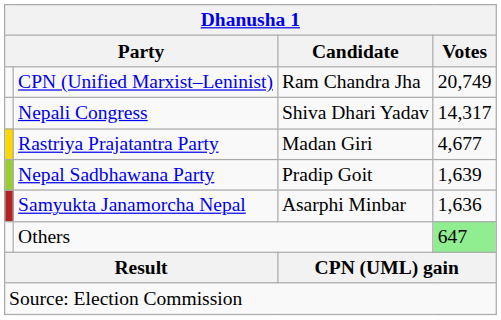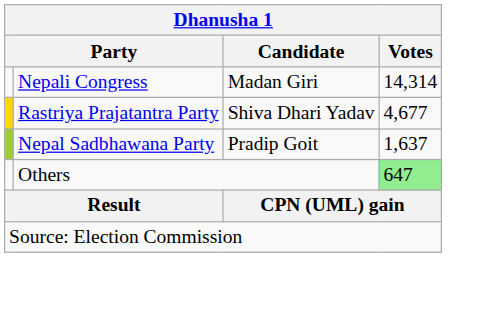 <table class="wikitable">
 <tr>
 <th colspan="4"><a href='#'>Dhanusha 1</a></th>
 </tr>
 <tr>
 <th colspan="2">Party</th>
 <th>Candidate</th>
 <th>Votes</th>
 </tr>
 <tr>
 <td style="background-color:"></td>
-<td><a href='#'>CPN (Unified Marxist–Leninist)</a></td>
-<td>Ram Chandra Jha</td>
-<td>20,749</td>
-</tr>
-<tr>
-<td style="background-color:"></td>
 <td><a href='#'>Nepali Congress</a></td>
-<td>Shiva Dhari Yadav</td>
-<td>14,317</td>
+<td>Madan Giri</td>
+<td>14,314</td>
 </tr>
 <tr>
 <td style="background-color:gold"></td>
 <td><a href='#'>Rastriya Prajatantra Party</a></td>
-<td>Madan Giri</td>
+<td>Shiva Dhari Yadav</td>
 <td>4,677</td>
 </tr>
 <tr>
 <td style="background-color:yellowgreen"></td>
 <td><a href='#'>Nepal Sadbhawana Party</a></td>
 <td>Pradip Goit</td>
-<td>1,639</td>
-</tr>
-<tr>
-<td style="background-color:firebrick"></td>
-<td><a href='#'>Samyukta Janamorcha Nepal</a></td>
-<td>Asarphi Minbar</td>
-<td>1,636</td>
+<td>1,637</td>
 </tr>
 <tr>
 <td></td>
 <td colspan="2">Others</td>
 <td style="background: lightgreen;">647</td>
 </tr>
 <tr>
 <th colspan="2">Result</th>
 <th colspan="2">CPN (UML) gain</th>
 </tr>
 <tr>
 <td colspan="4">Source: Election Commission</td>
 </tr>
 </table>
